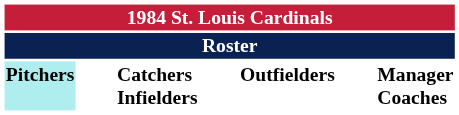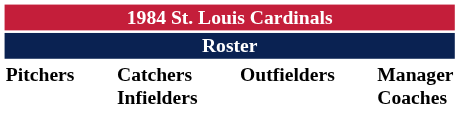 <table class="toccolours" style="font-size: 95%;">
 <tr>
 <th colspan="10" style="background-color: #c41e3a; color: #FFFFFF; text-align: center;">1984 St. Louis Cardinals</th>
 </tr>
 <tr>
 <td colspan="10" style="background-color: #0a2252; color: #FFFFFF; text-align: center;"><strong>Roster</strong></td>
 </tr>
 <tr>
-<td valign="top" style="background: paleturquoise;"><strong>Pitchers</strong><br>                </td>
+<td valign="top"><strong>Pitchers</strong><br>                </td>
 <td width="25px"></td>
 <td valign="top"><strong>Catchers</strong><br>    <strong>Infielders</strong>             </td>
 <td width="25px"></td>
 <td valign="top"><strong>Outfielders</strong><br>      </td>
 <td width="25px"></td>
 <td valign="top"><strong>Manager</strong><br> <strong>Coaches</strong>     </td>
 </tr>
 </table>
